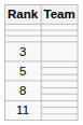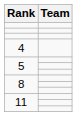 <table class="wikitable">
 <tr>
 <th>Rank</th>
 <th>Team</th>
 </tr>
 <tr align=center>
 <td></td>
 <td align=left></td>
 </tr>
 <tr align=center>
 <td></td>
 <td align=left></td>
 </tr>
 <tr align=center>
 <td></td>
 <td align=left></td>
 </tr>
 <tr align=center>
-<td>3</td>
+<td>4</td>
 <td align=left></td>
 </tr>
 <tr align=center>
 <td rowspan=3>5</td>
 <td align=left></td>
 </tr>
 <tr>
 <td align=left></td>
 </tr>
 <tr>
 <td align=left></td>
 </tr>
 <tr align=center>
 <td rowspan=3>8</td>
 <td align=left></td>
 </tr>
 <tr>
 <td align=left></td>
 </tr>
 <tr>
 <td align=left></td>
 </tr>
 <tr align=center>
 <td rowspan=3>11</td>
 <td align=left></td>
 </tr>
 <tr>
 <td align=left></td>
 </tr>
 <tr>
 <td align=left></td>
 </tr>
 </table>
